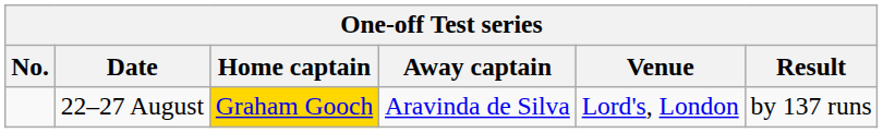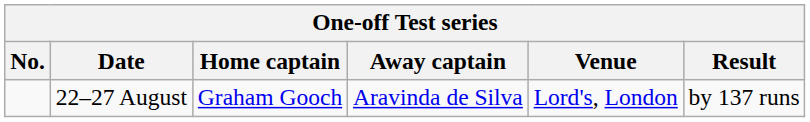 <table class="wikitable">
 <tr>
 <th colspan="9">One-off Test series</th>
 </tr>
 <tr>
 <th>No.</th>
 <th>Date</th>
 <th>Home captain</th>
 <th>Away captain</th>
 <th>Venue</th>
 <th>Result</th>
 </tr>
 <tr>
 <td></td>
 <td>22–27 August</td>
-<td style="background: gold;"><a href='#'>Graham Gooch</a></td>
+<td><a href='#'>Graham Gooch</a></td>
 <td><a href='#'>Aravinda de Silva</a></td>
 <td><a href='#'>Lord's</a>, <a href='#'>London</a></td>
 <td> by 137 runs</td>
 </tr>
 </table>
